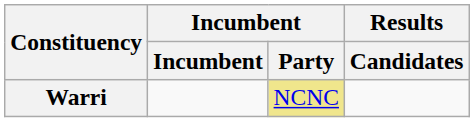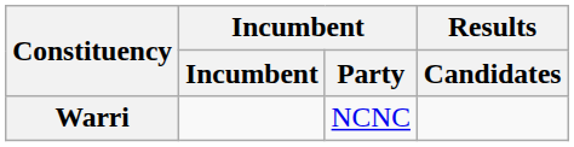 <table class="wikitable sortable">
 <tr>
 <th rowspan="2">Constituency</th>
 <th colspan="2">Incumbent</th>
 <th>Results</th>
 </tr>
 <tr valign="bottom">
 <th>Incumbent</th>
 <th>Party</th>
 <th>Candidates</th>
 </tr>
 <tr>
 <th>Warri</th>
 <td></td>
-<td style="background: khaki;"><a href='#'>NCNC</a></td>
+<td><a href='#'>NCNC</a></td>
 <td nowrap=""></td>
 </tr>
 </table>
